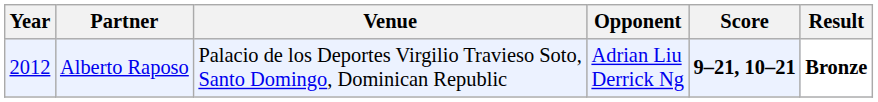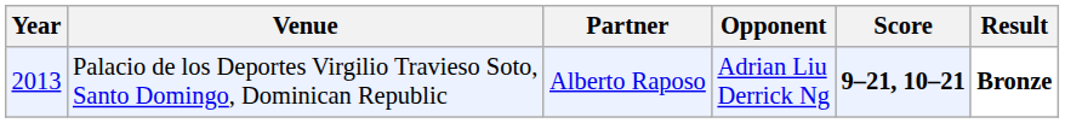 <table class="sortable wikitable" style="font-size: 90%;">
 <tr>
 <th>Year</th>
+<th>Venue</th>
 <th>Partner</th>
-<th>Venue</th>
 <th>Opponent</th>
 <th>Score</th>
 <th>Result</th>
 </tr>
 <tr style="background:#ECF2FF">
-<td align="center"><a href='#'>2012</a></td>
+<td align="center"><a href='#'>2013</a></td>
+<td align="left">Palacio de los Deportes Virgilio Travieso Soto,<br><a href='#'>Santo Domingo</a>, Dominican Republic</td>
 <td align="left"> <a href='#'>Alberto Raposo</a></td>
-<td align="left">Palacio de los Deportes Virgilio Travieso Soto,<br><a href='#'>Santo Domingo</a>, Dominican Republic</td>
 <td align="left"> <a href='#'>Adrian Liu</a> <br>  <a href='#'>Derrick Ng</a></td>
 <td align="left"><strong>9–21, 10–21</strong></td>
 <td style="text-align:left; background:white"> <strong>Bronze</strong></td>
 </tr>
 </table>
